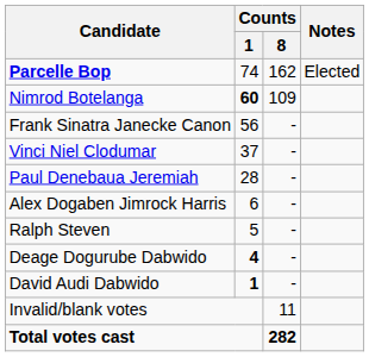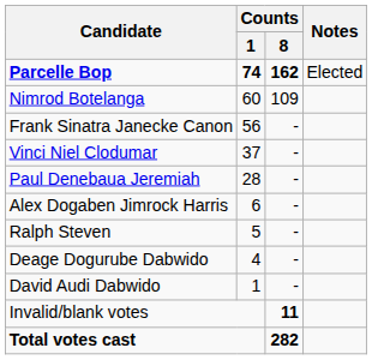 <table class=wikitable style=text-align:right>
 <tr>
 <th rowspan=2>Candidate</th>
 <th colspan=2>Counts</th>
 <th rowspan=2>Notes</th>
 </tr>
 <tr>
 <th>1</th>
 <th>8</th>
 </tr>
 <tr>
 <td align=left><strong><a href='#'>Parcelle Bop</a></strong></td>
-<td>74</td>
-<td>162</td>
+<td><strong>74</strong></td>
+<td><strong>162</strong></td>
 <td>Elected</td>
 </tr>
 <tr>
 <td align=left><a href='#'>Nimrod Botelanga</a></td>
-<td><strong>60</strong></td>
+<td>60</td>
 <td>109</td>
 <td></td>
 </tr>
 <tr>
 <td align=left>Frank Sinatra Janecke Canon</td>
 <td>56</td>
 <td>-</td>
 <td></td>
 </tr>
 <tr>
 <td align=left><a href='#'>Vinci Niel Clodumar</a></td>
 <td>37</td>
 <td>-</td>
 <td></td>
 </tr>
 <tr>
 <td align=left><a href='#'>Paul Denebaua Jeremiah</a></td>
 <td>28</td>
 <td>-</td>
 <td></td>
 </tr>
 <tr>
 <td align=left>Alex Dogaben Jimrock Harris</td>
 <td>6</td>
 <td>-</td>
 <td></td>
 </tr>
 <tr>
 <td align=left>Ralph Steven</td>
 <td>5</td>
 <td>-</td>
 <td></td>
 </tr>
 <tr>
 <td align=left>Deage Dogurube Dabwido</td>
-<td><strong>4</strong></td>
+<td>4</td>
 <td>-</td>
 <td></td>
 </tr>
 <tr>
 <td align=left>David Audi Dabwido</td>
-<td><strong>1</strong></td>
+<td>1</td>
 <td>-</td>
 <td></td>
 </tr>
 <tr>
 <td align=left colspan=2>Invalid/blank votes</td>
-<td>11</td>
+<td><strong>11</strong></td>
 <td></td>
 </tr>
 <tr>
 <td align=left colspan=2><strong>Total votes cast</strong></td>
 <td><strong>282</strong></td>
 </tr>
 </table>
